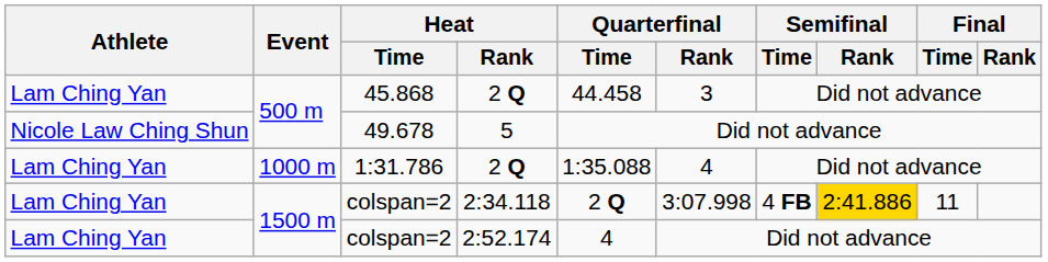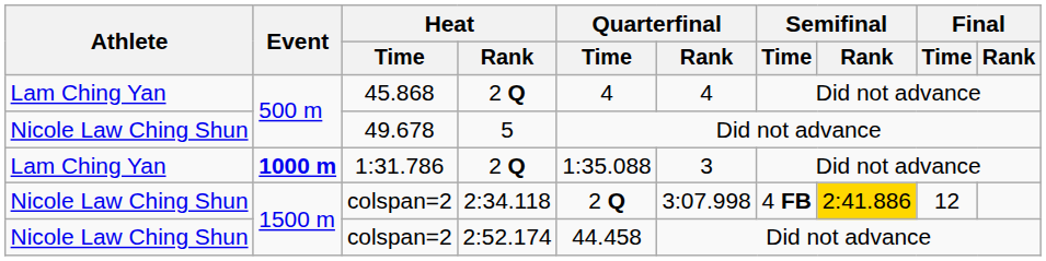 <table class="wikitable" style="font-size:90%">
 <tr>
 <th rowspan=2>Athlete</th>
 <th rowspan=2>Event</th>
 <th colspan=2>Heat</th>
 <th colspan=2>Quarterfinal</th>
 <th colspan=2>Semifinal</th>
 <th colspan=2>Final</th>
 </tr>
 <tr style="font-size:95%">
 <th>Time</th>
 <th>Rank</th>
 <th>Time</th>
 <th>Rank</th>
 <th>Time</th>
 <th>Rank</th>
 <th>Time</th>
 <th>Rank</th>
 </tr>
 <tr align=center>
 <td align=left><a href='#'>Lam Ching Yan</a></td>
 <td align=left rowspan=2><a href='#'>500 m</a></td>
 <td>45.868</td>
 <td>2 <strong>Q</strong></td>
-<td>44.458</td>
-<td>3</td>
+<td>4</td>
+<td>4</td>
 <td colspan=6>Did not advance</td>
 </tr>
 <tr align=center>
 <td align=left><a href='#'>Nicole Law Ching Shun</a></td>
 <td>49.678</td>
 <td>5</td>
 <td colspan=6>Did not advance</td>
 </tr>
 <tr align=center>
 <td align=left><a href='#'>Lam Ching Yan</a></td>
-<td align=left rowspan=1><a href='#'>1000 m</a></td>
+<td align=left rowspan=1><strong><a href='#'>1000 m</a></strong></td>
 <td>1:31.786</td>
 <td>2 <strong>Q</strong></td>
 <td>1:35.088</td>
-<td>4</td>
+<td>3</td>
 <td colspan=6>Did not advance</td>
 </tr>
 <tr align=center>
-<td align=left><a href='#'>Lam Ching Yan</a></td>
+<td align=left><a href='#'>Nicole Law Ching Shun</a></td>
 <td align=left rowspan=2><a href='#'>1500 m</a></td>
 <td>colspan=2 </td>
 <td>2:34.118</td>
 <td>2 <strong>Q</strong></td>
 <td>3:07.998</td>
 <td>4 <strong>FB</strong></td>
 <td style="background: gold;">2:41.886</td>
-<td>11</td>
+<td>12</td>
 </tr>
 <tr align=center>
-<td align=left><a href='#'>Lam Ching Yan</a></td>
+<td align=left><a href='#'>Nicole Law Ching Shun</a></td>
 <td>colspan=2 </td>
 <td>2:52.174</td>
-<td>4</td>
+<td>44.458</td>
 <td colspan=6>Did not advance</td>
 </tr>
 </table>
